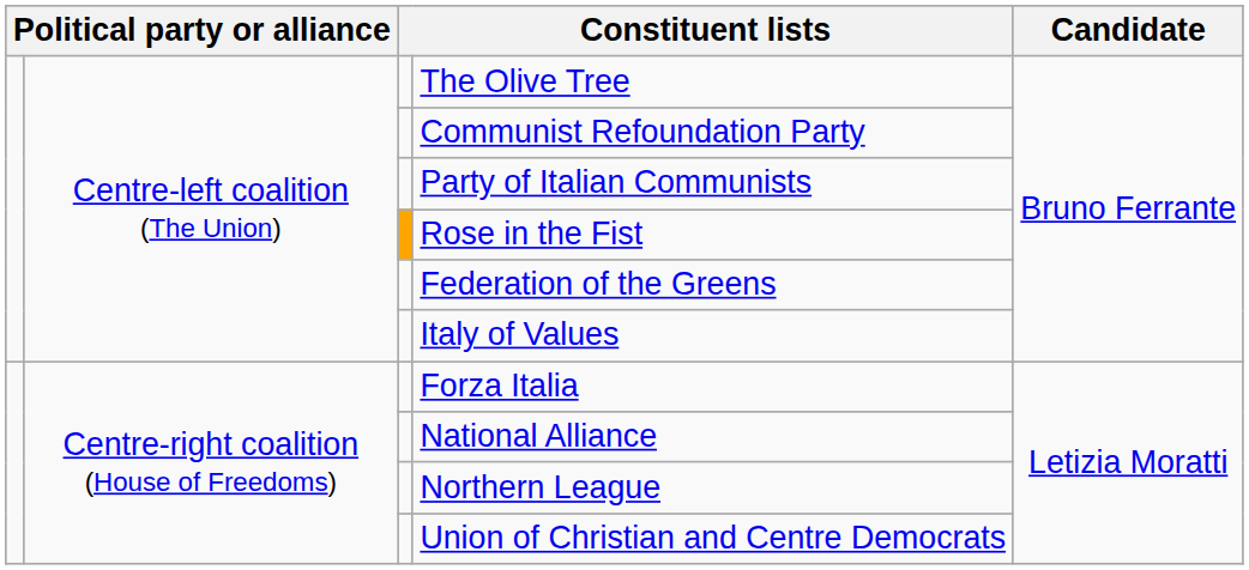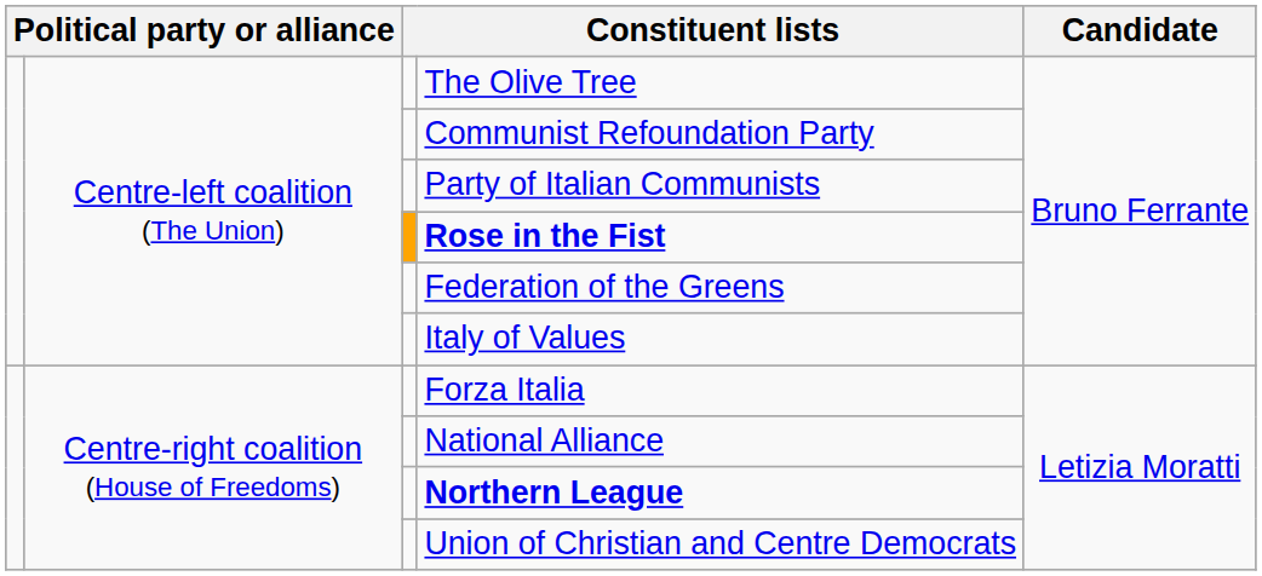 <table class=wikitable style=text-align:left>
 <tr>
 <th colspan=2>Political party or alliance</th>
 <th colspan=2>Constituent lists</th>
 <th>Candidate</th>
 </tr>
 <tr>
 <td rowspan=6 style="background-color:"></td>
 <td rowspan=6 style="text-align:center;"><a href='#'>Centre-left coalition</a><br><small>(<a href='#'>The Union</a>)</small></td>
 <td></td>
 <td style="text-align:left;"><a href='#'>The Olive Tree</a></td>
 <td rowspan=6 style="text-align:center;"><a href='#'>Bruno Ferrante</a></td>
 </tr>
 <tr>
 <td></td>
 <td style="text-align:left;"><a href='#'>Communist Refoundation Party</a></td>
 </tr>
 <tr>
 <td></td>
 <td style="text-align:left;"><a href='#'>Party of Italian Communists</a></td>
 </tr>
 <tr>
 <td bgcolor="orange"></td>
-<td style="text-align:left;"><a href='#'>Rose in the Fist</a></td>
+<td style="text-align:left;"><strong><a href='#'>Rose in the Fist</a></strong></td>
 </tr>
 <tr>
 <td></td>
 <td style="text-align:left;"><a href='#'>Federation of the Greens</a></td>
 </tr>
 <tr>
 <td style="background-color:"></td>
 <td style="text-align:left;"><a href='#'>Italy of Values</a></td>
 </tr>
 <tr>
 <td rowspan=4 style="background-color:"></td>
 <td rowspan=4 style="text-align:center;"><a href='#'>Centre-right coalition</a><br><small>(<a href='#'>House of Freedoms</a>)</small></td>
 <td></td>
 <td style="text-align:left;"><a href='#'>Forza Italia</a></td>
 <td rowspan=4 style="text-align:center;"><a href='#'>Letizia Moratti</a></td>
 </tr>
 <tr>
 <td></td>
 <td style="text-align:left;"><a href='#'>National Alliance</a></td>
 </tr>
 <tr>
 <td></td>
-<td style="text-align:left;"><a href='#'>Northern League</a></td>
+<td style="text-align:left;"><strong><a href='#'>Northern League</a></strong></td>
 </tr>
 <tr>
 <td></td>
 <td style="text-align:left;"><a href='#'>Union of Christian and Centre Democrats</a></td>
 </tr>
 </table>
